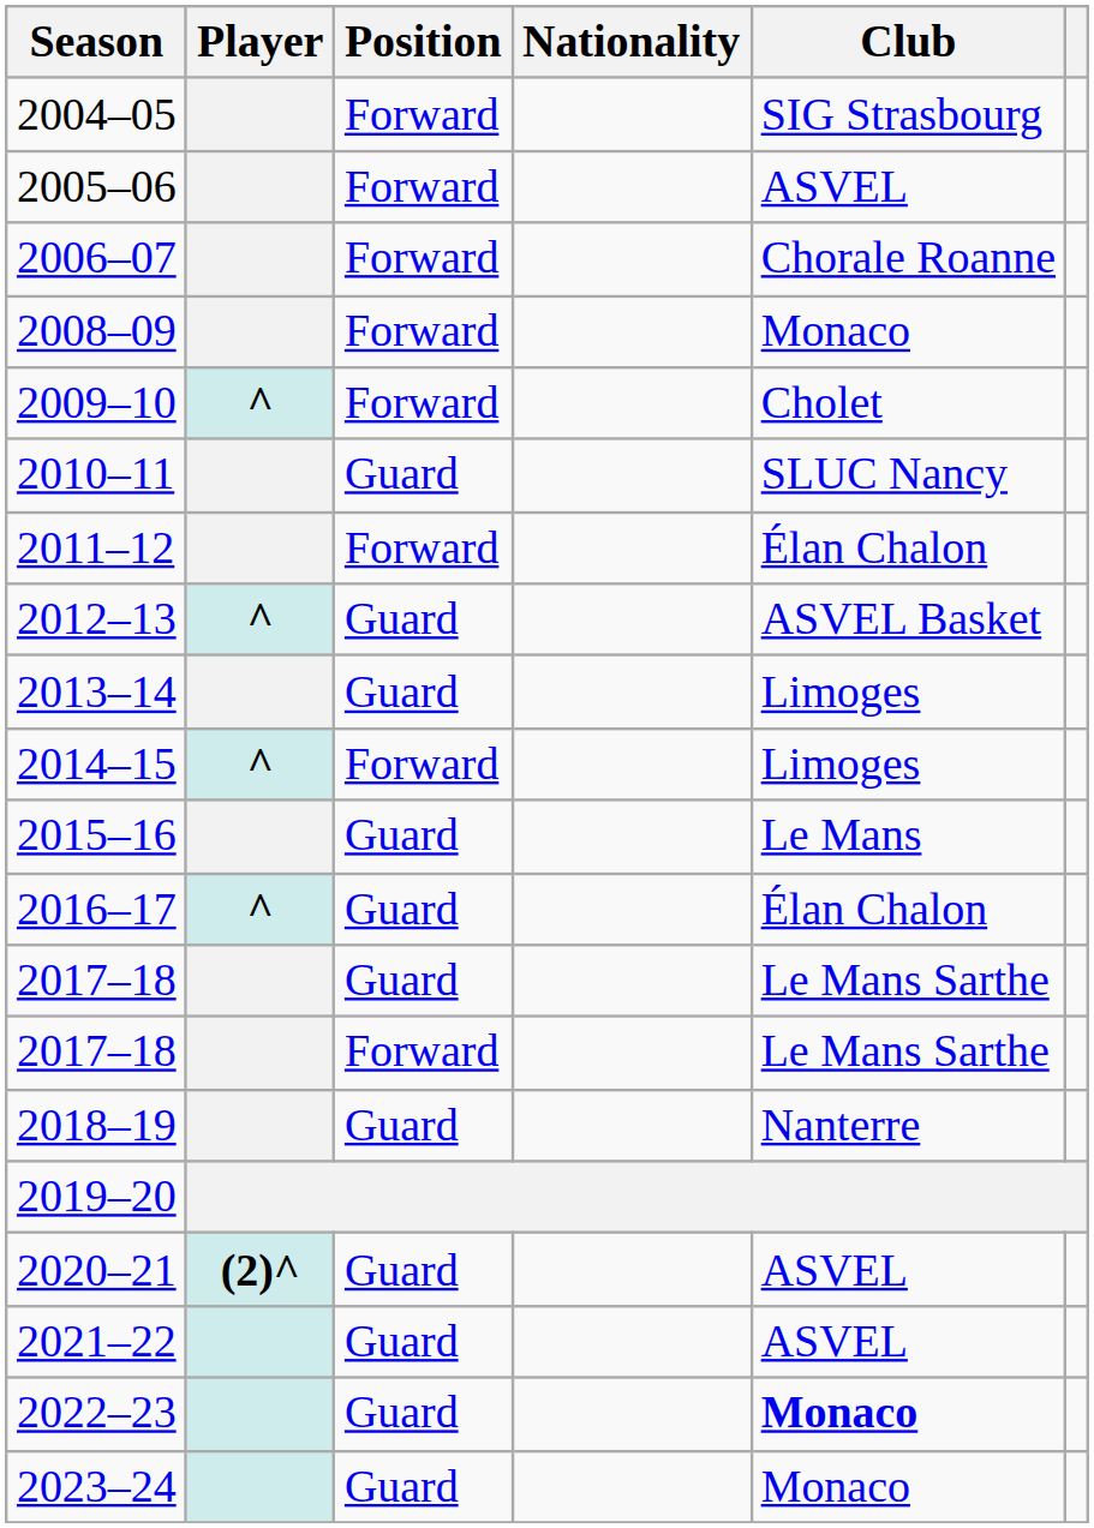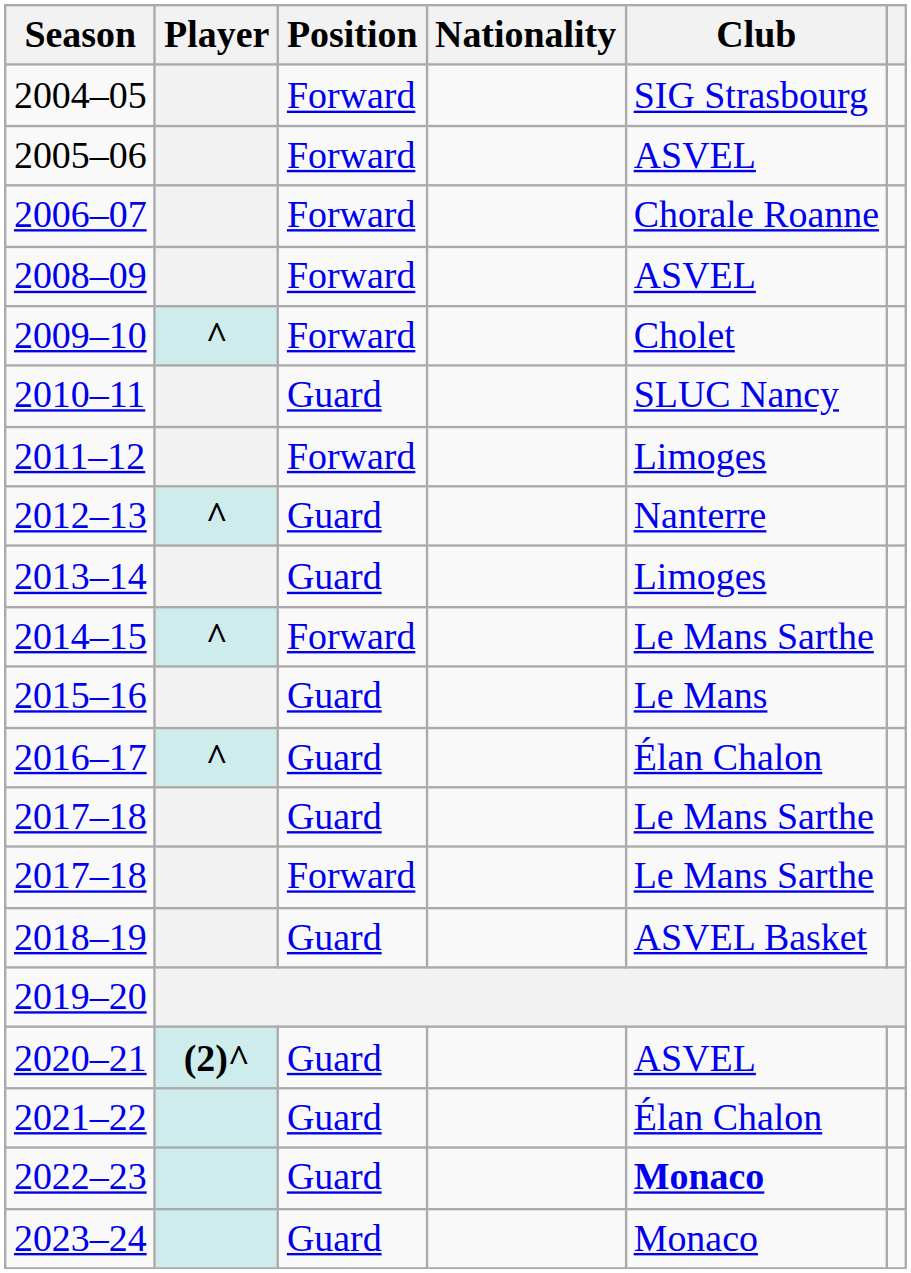 <table class="wikitable sortable plainrowheaders">
 <tr>
 <th scope="col">Season</th>
 <th scope="col">Player</th>
 <th scope="col">Position</th>
 <th scope="col">Nationality</th>
 <th scope="col">Club</th>
 <th scope="col" class="unsortable"></th>
 </tr>
 <tr>
 <td>2004–05</td>
 <th scope="row"></th>
 <td><a href='#'>Forward</a></td>
 <td></td>
 <td><a href='#'>SIG Strasbourg</a></td>
 <td style="text-align:center"></td>
 </tr>
 <tr>
 <td>2005–06</td>
 <th scope="row"></th>
 <td><a href='#'>Forward</a></td>
 <td></td>
 <td><a href='#'>ASVEL</a></td>
 <td style="text-align:center"></td>
 </tr>
 <tr>
 <td><a href='#'>2006–07</a></td>
 <th scope="row"></th>
 <td><a href='#'>Forward</a></td>
 <td></td>
 <td><a href='#'>Chorale Roanne</a></td>
 <td style="text-align:center"></td>
 </tr>
 <tr>
 <td><a href='#'>2008–09</a></td>
 <th scope="row"></th>
 <td><a href='#'>Forward</a></td>
 <td></td>
-<td><a href='#'>Monaco</a></td>
+<td><a href='#'>ASVEL</a></td>
 <td style="text-align:center"></td>
 </tr>
 <tr>
 <td><a href='#'>2009–10</a></td>
 <th scope="row" style="background-color:#CFECEC;">^</th>
 <td><a href='#'>Forward</a></td>
 <td></td>
 <td><a href='#'>Cholet</a></td>
 <td style="text-align:center"></td>
 </tr>
 <tr>
 <td><a href='#'>2010–11</a></td>
 <th scope="row"></th>
 <td><a href='#'>Guard</a></td>
 <td></td>
 <td><a href='#'>SLUC Nancy</a></td>
 <td style="text-align:center"></td>
 </tr>
 <tr>
 <td><a href='#'>2011–12</a></td>
 <th scope="row"></th>
 <td><a href='#'>Forward</a></td>
 <td></td>
-<td><a href='#'>Élan Chalon</a></td>
+<td><a href='#'>Limoges</a></td>
 <td style="text-align:center"></td>
 </tr>
 <tr>
 <td><a href='#'>2012–13</a></td>
 <th scope="row" style="background-color:#CFECEC;">^</th>
 <td><a href='#'>Guard</a></td>
 <td></td>
-<td><a href='#'>ASVEL Basket</a></td>
+<td><a href='#'>Nanterre</a></td>
 <td style="text-align:center"></td>
 </tr>
 <tr>
 <td><a href='#'>2013–14</a></td>
 <th scope="row"></th>
 <td><a href='#'>Guard</a></td>
 <td></td>
 <td><a href='#'>Limoges</a></td>
 <td style="text-align:center"></td>
 </tr>
 <tr>
 <td><a href='#'>2014–15</a></td>
 <th scope="row" style="background-color:#CFECEC;">^</th>
 <td><a href='#'>Forward</a></td>
 <td></td>
-<td><a href='#'>Limoges</a></td>
+<td><a href='#'>Le Mans Sarthe</a></td>
 <td style="text-align:center"></td>
 </tr>
 <tr>
 <td><a href='#'>2015–16</a></td>
 <th scope="row"></th>
 <td><a href='#'>Guard</a></td>
 <td></td>
 <td><a href='#'>Le Mans</a></td>
 <td style="text-align:center"></td>
 </tr>
 <tr>
 <td><a href='#'>2016–17</a></td>
 <th scope="row" style="background-color:#CFECEC;">^</th>
 <td><a href='#'>Guard</a></td>
 <td></td>
 <td><a href='#'>Élan Chalon</a></td>
 <td style="text-align:center"></td>
 </tr>
 <tr>
 <td><a href='#'>2017–18</a></td>
 <th scope="row"></th>
 <td><a href='#'>Guard</a></td>
 <td></td>
 <td><a href='#'>Le Mans Sarthe</a></td>
 <td></td>
 </tr>
 <tr>
 <td><a href='#'>2017–18</a></td>
 <th scope="row"></th>
 <td><a href='#'>Forward</a></td>
 <td></td>
 <td><a href='#'>Le Mans Sarthe</a></td>
 <td></td>
 </tr>
 <tr>
 <td><a href='#'>2018–19</a></td>
 <th scope="row"></th>
 <td><a href='#'>Guard</a></td>
 <td></td>
-<td><a href='#'>Nanterre</a></td>
+<td><a href='#'>ASVEL Basket</a></td>
 <td style="text-align:center"></td>
 </tr>
 <tr>
 <td><a href='#'>2019–20</a></td>
 <th scope="row" colspan=5></th>
 </tr>
 <tr>
 <td><a href='#'>2020–21</a></td>
 <th scope="row" style="background-color:#CFECEC;"> (2)^</th>
 <td><a href='#'>Guard</a></td>
 <td></td>
 <td><a href='#'>ASVEL</a></td>
 <td style="text-align:center"></td>
 </tr>
 <tr>
 <td><a href='#'>2021–22</a></td>
 <th scope="row" style="background-color:#CFECEC;"></th>
 <td><a href='#'>Guard</a></td>
 <td></td>
-<td><a href='#'>ASVEL</a></td>
+<td><a href='#'>Élan Chalon</a></td>
 <td></td>
 </tr>
 <tr>
 <td><a href='#'>2022–23</a></td>
 <th scope="row" style="background-color:#CFECEC;"></th>
 <td><a href='#'>Guard</a></td>
 <td></td>
 <td><strong><a href='#'>Monaco</a></strong></td>
 <td></td>
 </tr>
 <tr>
 <td><a href='#'>2023–24</a></td>
 <th scope="row" style="background-color:#CFECEC;"></th>
 <td><a href='#'>Guard</a></td>
 <td></td>
 <td><a href='#'>Monaco</a></td>
 <td></td>
 </tr>
 </table>
